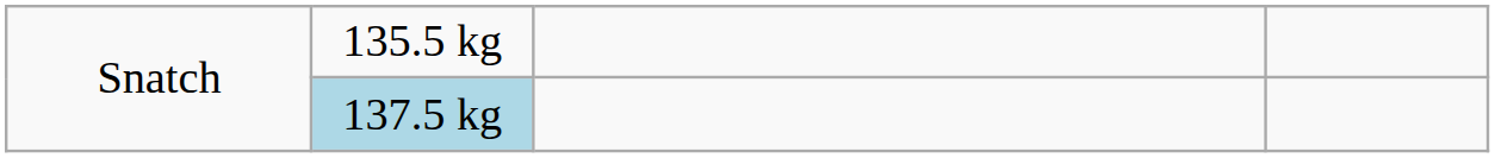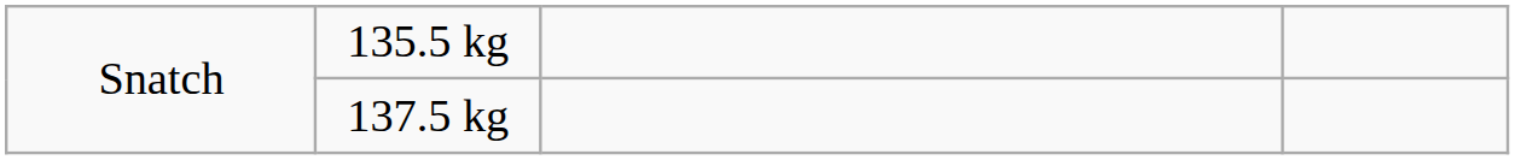 <table class = "wikitable" style="text-align:center;">
 <tr>
 <td width=100 rowspan=2>Snatch</td>
 <td width=70>135.5 kg</td>
 <td width=250 align=left></td>
 <td width=70></td>
 </tr>
 <tr>
-<td style="background: lightblue;">137.5 kg</td>
+<td>137.5 kg</td>
 <td align=left></td>
 <td></td>
 </tr>
 </table>
